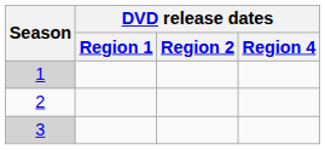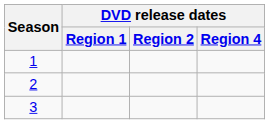 <table class="wikitable plainrowheaders" style="text-align: center;">
 <tr>
 <th scope="col" rowspan="2">Season</th>
 <th scope="col" colspan="4"><a href='#'>DVD</a> release dates</th>
 </tr>
 <tr>
 <th scope="col"><a href='#'>Region 1</a></th>
 <th scope="col"><a href='#'>Region 2</a></th>
 <th scope="col"><a href='#'>Region 4</a></th>
 </tr>
 <tr>
-<td scope="row" style="background: lightgrey;"><a href='#'>1</a></td>
+<td scope="row"><a href='#'>1</a></td>
 <td></td>
 <td></td>
 <td></td>
 </tr>
 <tr>
 <td scope="row"><a href='#'>2</a></td>
 <td></td>
 <td></td>
 <td></td>
 </tr>
 <tr>
-<td scope="row" style="background: lightgrey;"><a href='#'>3</a></td>
+<td scope="row"><a href='#'>3</a></td>
 <td></td>
 <td></td>
 <td></td>
 </tr>
 </table>
